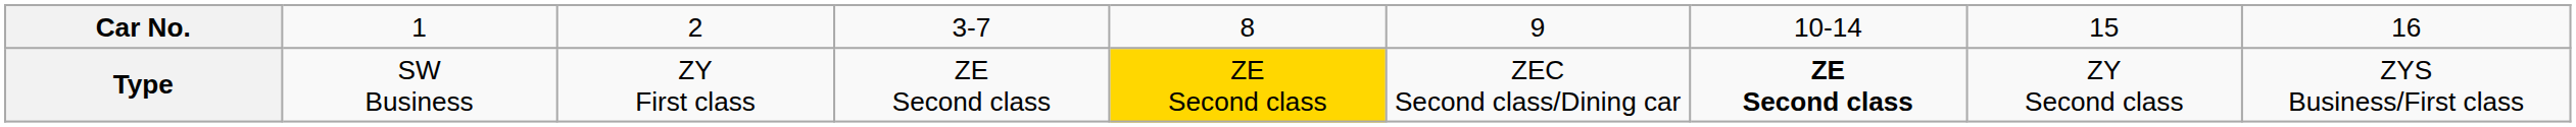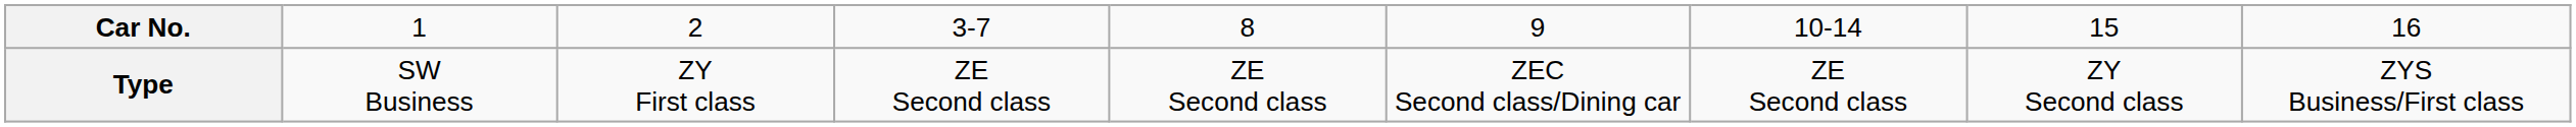 <table class="wikitable" style="text-align: center; font-size: small;">
 <tr>
 <th>Car No.</th>
 <td>1</td>
 <td>2</td>
 <td>3-7</td>
 <td>8</td>
 <td>9</td>
 <td>10-14</td>
 <td>15</td>
 <td>16</td>
 </tr>
 <tr>
 <th style="width: 5%;">Type</th>
 <td style="width: 5%;">SW<br>Business</td>
 <td style="width: 5%;">ZY<br>First class</td>
 <td style="width: 5%;">ZE<br>Second class</td>
-<td style="background: gold; width: 5%;">ZE<br>Second class </td>
+<td style="width: 5%;">ZE<br>Second class </td>
 <td style="width: 5%;">ZEC<br>Second class/Dining car</td>
-<td style="width: 5%;"><strong>ZE<br>Second class</strong></td>
+<td style="width: 5%;">ZE<br>Second class</td>
 <td style="width: 5%;">ZY<br>Second class</td>
 <td style="width: 5%;">ZYS<br>Business/First class</td>
 </tr>
 </table>
